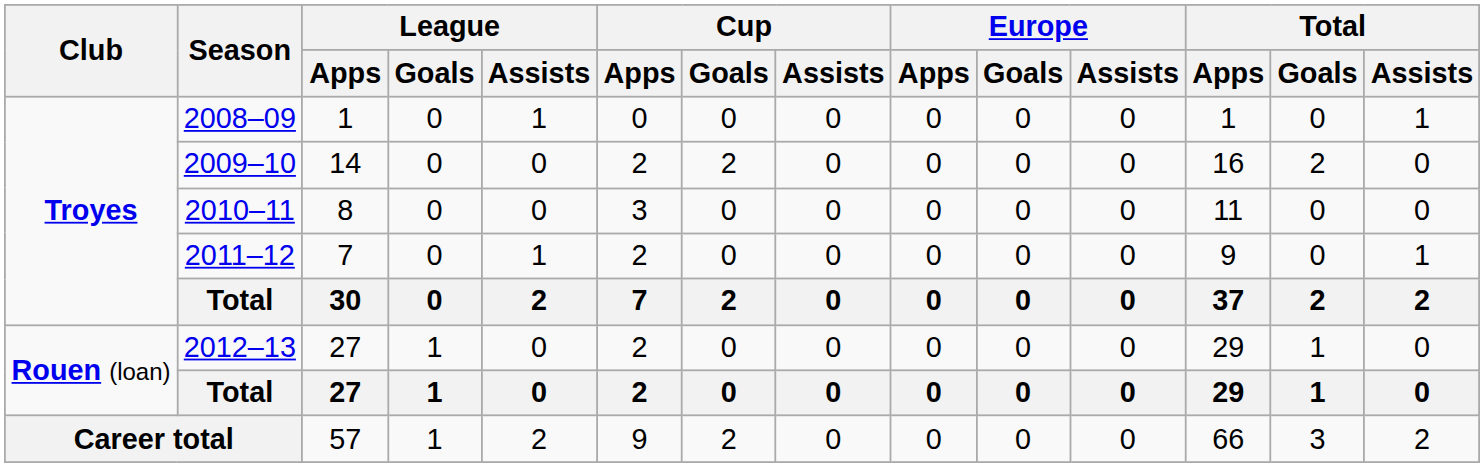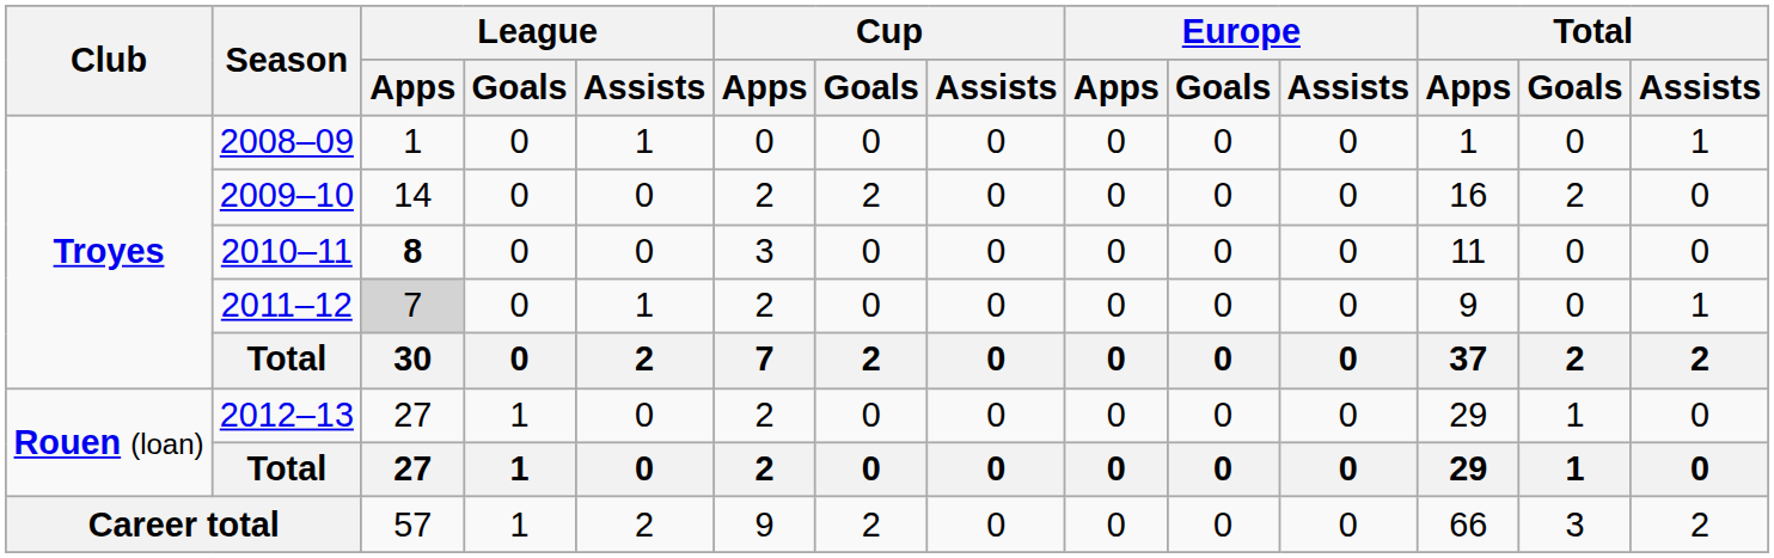 <table class="wikitable" style="font-size:100%; text-align: center;">
 <tr>
 <th rowspan="2">Club</th>
 <th rowspan="2">Season</th>
 <th colspan="3">League</th>
 <th colspan="3">Cup</th>
 <th colspan="3"><a href='#'>Europe</a></th>
 <th colspan="3">Total</th>
 </tr>
 <tr>
 <th>Apps</th>
 <th>Goals</th>
 <th>Assists</th>
 <th>Apps</th>
 <th>Goals</th>
 <th>Assists</th>
 <th>Apps</th>
 <th>Goals</th>
 <th>Assists</th>
 <th>Apps</th>
 <th>Goals</th>
 <th>Assists</th>
 </tr>
 <tr>
 <td rowspan="5" valign="center"><strong><a href='#'>Troyes</a></strong></td>
 <td><a href='#'>2008–09</a></td>
 <td>1</td>
 <td>0</td>
 <td>1</td>
 <td>0</td>
 <td>0</td>
 <td>0</td>
 <td>0</td>
 <td>0</td>
 <td>0</td>
 <td>1</td>
 <td>0</td>
 <td>1</td>
 </tr>
 <tr>
 <td><a href='#'>2009–10</a></td>
 <td>14</td>
 <td>0</td>
 <td>0</td>
 <td>2</td>
 <td>2</td>
 <td>0</td>
 <td>0</td>
 <td>0</td>
 <td>0</td>
 <td>16</td>
 <td>2</td>
 <td>0</td>
 </tr>
 <tr>
 <td><a href='#'>2010–11</a></td>
-<td>8</td>
+<td><strong>8</strong></td>
 <td>0</td>
 <td>0</td>
 <td>3</td>
 <td>0</td>
 <td>0</td>
 <td>0</td>
 <td>0</td>
 <td>0</td>
 <td>11</td>
 <td>0</td>
 <td>0</td>
 </tr>
 <tr>
 <td><a href='#'>2011–12</a></td>
-<td>7</td>
+<td style="background: lightgrey;">7</td>
 <td>0</td>
 <td>1</td>
 <td>2</td>
 <td>0</td>
 <td>0</td>
 <td>0</td>
 <td>0</td>
 <td>0</td>
 <td>9</td>
 <td>0</td>
 <td>1</td>
 </tr>
 <tr>
 <th colspan="1">Total</th>
 <th>30</th>
 <th>0</th>
 <th>2</th>
 <th>7</th>
 <th>2</th>
 <th>0</th>
 <th>0</th>
 <th>0</th>
 <th>0</th>
 <th>37</th>
 <th>2</th>
 <th>2</th>
 </tr>
 <tr>
 <td rowspan="2" valign="center"><strong><a href='#'>Rouen</a></strong> <small>(loan)</small></td>
 <td><a href='#'>2012–13</a></td>
 <td>27</td>
 <td>1</td>
 <td>0</td>
 <td>2</td>
 <td>0</td>
 <td>0</td>
 <td>0</td>
 <td>0</td>
 <td>0</td>
 <td>29</td>
 <td>1</td>
 <td>0</td>
 </tr>
 <tr>
 <th colspan="1">Total</th>
 <th>27</th>
 <th>1</th>
 <th>0</th>
 <th>2</th>
 <th>0</th>
 <th>0</th>
 <th>0</th>
 <th>0</th>
 <th>0</th>
 <th>29</th>
 <th>1</th>
 <th>0</th>
 </tr>
 <tr>
 <th colspan="2">Career total</th>
 <td>57</td>
 <td>1</td>
 <td>2</td>
 <td>9</td>
 <td>2</td>
 <td>0</td>
 <td>0</td>
 <td>0</td>
 <td>0</td>
 <td>66</td>
 <td>3</td>
 <td>2</td>
 </tr>
 </table>
